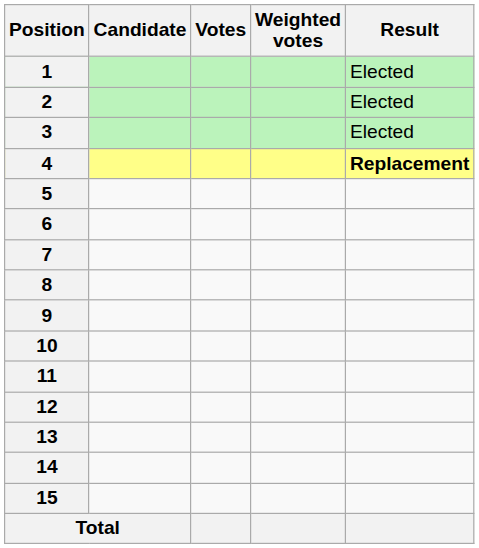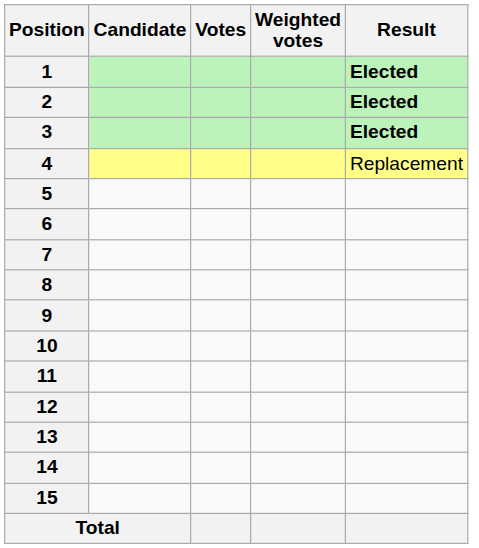 <table class="wikitable sortable">
 <tr>
 <th scope="col">Position</th>
 <th scope="col">Candidate</th>
 <th scope="col">Votes</th>
 <th scope="col">Weighted<br>votes</th>
 <th scope="col">Result</th>
 </tr>
 <tr bgcolor=bbf3bb>
 <th scope="row">1</th>
 <td></td>
 <td style="text-align:right"></td>
 <td style="text-align:right"></td>
-<td>Elected</td>
+<td><strong>Elected</strong></td>
 </tr>
 <tr bgcolor=bbf3bb>
 <th scope="row">2</th>
 <td></td>
 <td style="text-align:right"></td>
 <td style="text-align:right"></td>
-<td>Elected</td>
+<td><strong>Elected</strong></td>
 </tr>
 <tr bgcolor=bbf3bb>
 <th scope="row">3</th>
 <td></td>
 <td style="text-align:right"></td>
 <td style="text-align:right"></td>
-<td>Elected</td>
+<td><strong>Elected</strong></td>
 </tr>
 <tr bgcolor=#FF8>
 <th scope="row">4</th>
 <td></td>
 <td style="text-align:right"></td>
 <td style="text-align:right"></td>
-<td><strong>Replacement</strong></td>
+<td>Replacement</td>
 </tr>
 <tr>
 <th scope="row">5</th>
 <td></td>
 <td style="text-align:right"></td>
 <td style="text-align:right"></td>
 <td></td>
 </tr>
 <tr>
 <th scope="row">6</th>
 <td></td>
 <td style="text-align:right"></td>
 <td style="text-align:right"></td>
 <td></td>
 </tr>
 <tr>
 <th scope="row">7</th>
 <td></td>
 <td style="text-align:right"></td>
 <td style="text-align:right"></td>
 <td></td>
 </tr>
 <tr>
 <th scope="row">8</th>
 <td></td>
 <td style="text-align:right"></td>
 <td style="text-align:right"></td>
 <td></td>
 </tr>
 <tr>
 <th scope="row">9</th>
 <td></td>
 <td style="text-align:right"></td>
 <td style="text-align:right"></td>
 <td></td>
 </tr>
 <tr>
 <th scope="row">10</th>
 <td></td>
 <td style="text-align:right"></td>
 <td style="text-align:right"></td>
 <td></td>
 </tr>
 <tr>
 <th scope="row">11</th>
 <td></td>
 <td style="text-align:right"></td>
 <td style="text-align:right"></td>
 <td></td>
 </tr>
 <tr>
 <th scope="row">12</th>
 <td></td>
 <td style="text-align:right"></td>
 <td style="text-align:right"></td>
 <td></td>
 </tr>
 <tr>
 <th scope="row">13</th>
 <td></td>
 <td style="text-align:right"></td>
 <td style="text-align:right"></td>
 <td></td>
 </tr>
 <tr>
 <th scope="row">14</th>
 <td></td>
 <td style="text-align:right"></td>
 <td style="text-align:right"></td>
 <td></td>
 </tr>
 <tr>
 <th scope="row">15</th>
 <td></td>
 <td style="text-align:right"></td>
 <td style="text-align:right"></td>
 <td></td>
 </tr>
 <tr class="sortbottom">
 <th scope="row" colspan="2">Total</th>
 <th style="text-align:right"></th>
 <th style="text-align:right"></th>
 <th></th>
 </tr>
 </table>
